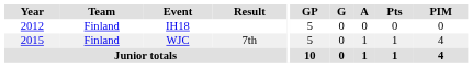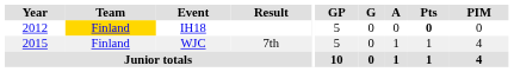 <table border="0" cellpadding="1" cellspacing="0" ID="Table3" style="text-align:center; width:40em">
 <tr ALIGN="center" bgcolor="#e0e0e0">
 <th>Year</th>
 <th>Team</th>
 <th>Event</th>
 <th>Result</th>
 <th rowspan="99" bgcolor="#ffffff"></th>
 <th>GP</th>
 <th>G</th>
 <th>A</th>
 <th>Pts</th>
 <th>PIM</th>
 </tr>
 <tr>
 <td><a href='#'>2012</a></td>
-<td><a href='#'>Finland</a></td>
+<td style="background: gold;"><a href='#'>Finland</a></td>
 <td><a href='#'>IH18</a></td>
 <td></td>
 <td>5</td>
 <td>0</td>
 <td>0</td>
-<td>0</td>
+<td><strong>0</strong></td>
 <td>0</td>
 </tr>
 <tr bgcolor="#f0f0f0">
 <td><a href='#'>2015</a></td>
 <td><a href='#'>Finland</a></td>
 <td><a href='#'>WJC</a></td>
 <td>7th</td>
 <td>5</td>
 <td>0</td>
 <td>1</td>
 <td>1</td>
 <td>4</td>
 </tr>
 <tr bgcolor="#e0e0e0">
 <th colspan="4">Junior totals</th>
 <th>10</th>
 <th>0</th>
 <th>1</th>
 <th>1</th>
 <th>4</th>
 </tr>
 </table>
